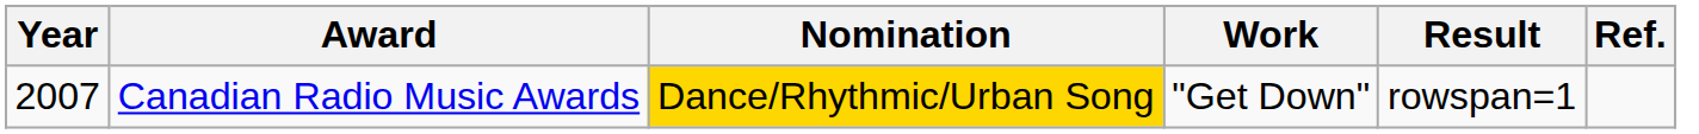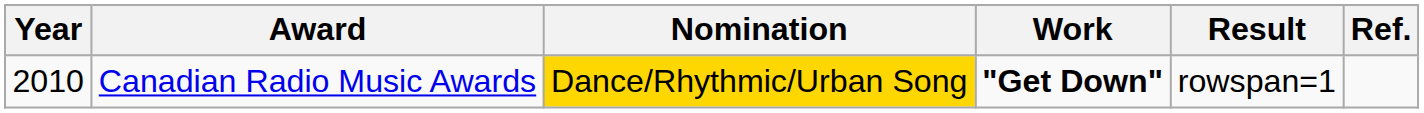 <table class="wikitable">
 <tr>
 <th>Year</th>
 <th>Award</th>
 <th>Nomination</th>
 <th>Work</th>
 <th>Result</th>
 <th>Ref.</th>
 </tr>
 <tr>
-<td>2007</td>
+<td>2010</td>
 <td><a href='#'>Canadian Radio Music Awards</a></td>
 <td style="background: gold;">Dance/Rhythmic/Urban Song</td>
-<td>"Get Down"</td>
+<td><strong>"Get Down"</strong></td>
 <td>rowspan=1 </td>
 <td></td>
 </tr>
 </table>
